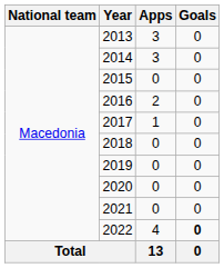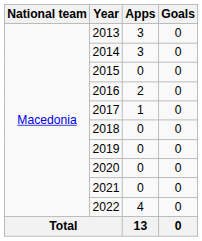 <table class="wikitable" style="text-align:center">
 <tr>
 <th>National team</th>
 <th>Year</th>
 <th>Apps</th>
 <th>Goals</th>
 </tr>
 <tr>
 <td rowspan="10"><a href='#'>Macedonia</a></td>
 <td>2013</td>
 <td>3</td>
 <td>0</td>
 </tr>
 <tr>
 <td>2014</td>
 <td>3</td>
 <td>0</td>
 </tr>
 <tr>
 <td>2015</td>
 <td>0</td>
 <td>0</td>
 </tr>
 <tr>
 <td>2016</td>
 <td>2</td>
 <td>0</td>
 </tr>
 <tr>
 <td>2017</td>
 <td>1</td>
 <td>0</td>
 </tr>
 <tr>
 <td>2018</td>
 <td>0</td>
 <td>0</td>
 </tr>
 <tr>
 <td>2019</td>
 <td>0</td>
 <td>0</td>
 </tr>
 <tr>
 <td>2020</td>
 <td>0</td>
 <td>0</td>
 </tr>
 <tr>
 <td>2021</td>
 <td>0</td>
 <td>0</td>
 </tr>
 <tr>
 <td>2022</td>
 <td>4</td>
-<td><strong>0</strong></td>
+<td>0</td>
 </tr>
 <tr>
 <th colspan="2">Total</th>
 <th>13</th>
 <th>0</th>
 </tr>
 </table>
